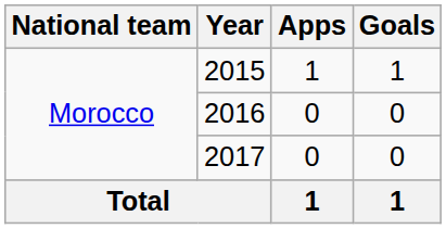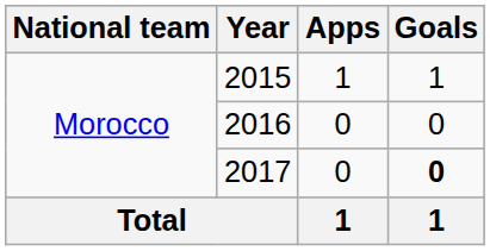 <table class="wikitable" style="text-align:center">
 <tr>
 <th>National team</th>
 <th>Year</th>
 <th>Apps</th>
 <th>Goals</th>
 </tr>
 <tr>
 <td rowspan="3"><a href='#'>Morocco</a></td>
 <td>2015</td>
 <td>1</td>
 <td>1</td>
 </tr>
 <tr>
 <td>2016</td>
 <td>0</td>
 <td>0</td>
 </tr>
 <tr>
 <td>2017</td>
 <td>0</td>
-<td>0</td>
+<td><strong>0</strong></td>
 </tr>
 <tr>
 <th colspan=2>Total</th>
 <th>1</th>
 <th>1</th>
 </tr>
 </table>
